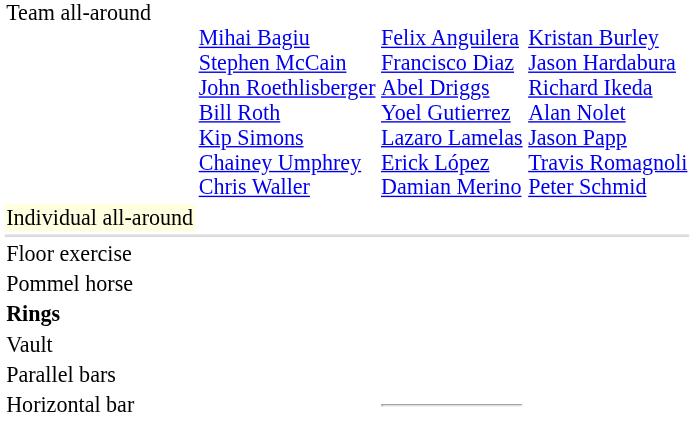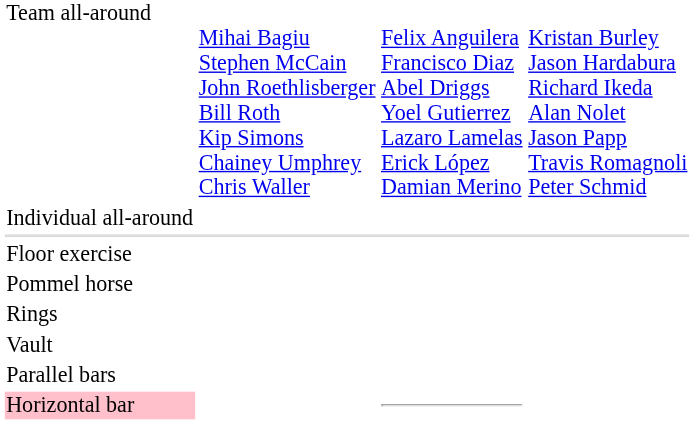 <table>
 <tr valign="top">
 <td>Team all-around<br></td>
 <td><br><a href='#'>Mihai Bagiu</a><br><a href='#'>Stephen McCain</a><br><a href='#'>John Roethlisberger</a><br><a href='#'>Bill Roth</a><br><a href='#'>Kip Simons</a><br><a href='#'>Chainey Umphrey</a><br><a href='#'>Chris Waller</a></td>
 <td><br><a href='#'>Felix Anguilera</a><br><a href='#'>Francisco Diaz</a><br><a href='#'>Abel Driggs</a><br><a href='#'>Yoel Gutierrez</a><br><a href='#'>Lazaro Lamelas</a><br><a href='#'>Erick López</a><br><a href='#'>Damian Merino</a></td>
 <td><br><a href='#'>Kristan Burley</a><br><a href='#'>Jason Hardabura</a><br><a href='#'>Richard Ikeda</a><br><a href='#'>Alan Nolet</a><br><a href='#'>Jason Papp</a><br><a href='#'>Travis Romagnoli</a><br><a href='#'>Peter Schmid</a></td>
 </tr>
 <tr>
-<td style="background: lightyellow;">Individual all-around<br></td>
+<td>Individual all-around<br></td>
 <td></td>
 <td></td>
 <td></td>
 </tr>
 <tr bgcolor=#DDDDDD>
 <td colspan=7></td>
 </tr>
 <tr>
 <td>Floor exercise<br></td>
 <td></td>
 <td></td>
 <td></td>
 </tr>
 <tr>
 <td>Pommel horse<br></td>
 <td></td>
 <td></td>
 <td></td>
 </tr>
 <tr>
-<td><strong>Rings<br></strong></td>
+<td>Rings<br></td>
 <td></td>
 <td></td>
 <td></td>
 </tr>
 <tr>
 <td>Vault<br></td>
 <td></td>
 <td></td>
 <td></td>
 </tr>
 <tr>
 <td>Parallel bars<br></td>
 <td></td>
 <td></td>
 <td></td>
 </tr>
 <tr>
-<td>Horizontal bar<br></td>
+<td style="background: pink;">Horizontal bar<br></td>
 <td></td>
 <td><hr></td>
 <td></td>
 </tr>
 </table>
